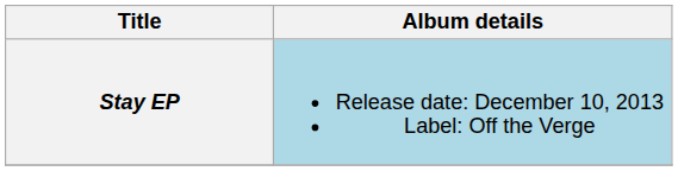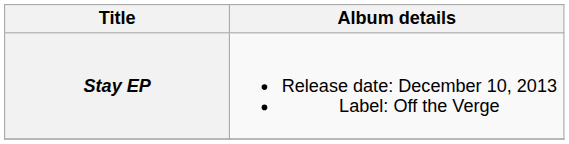 <table class="wikitable plainrowheaders" style="text-align:center;">
 <tr>
 <th style="width:12em;">Title</th>
 <th style="width:18em;">Album details</th>
 </tr>
 <tr>
 <th scope="row"><em>Stay EP</em></th>
-<td style="background: lightblue;"><br><ul><li>Release date: December 10, 2013</li><li>Label: Off the Verge</li></ul></td>
+<td><br><ul><li>Release date: December 10, 2013</li><li>Label: Off the Verge</li></ul></td>
 </tr>
 <tr>
 </tr>
 </table>
